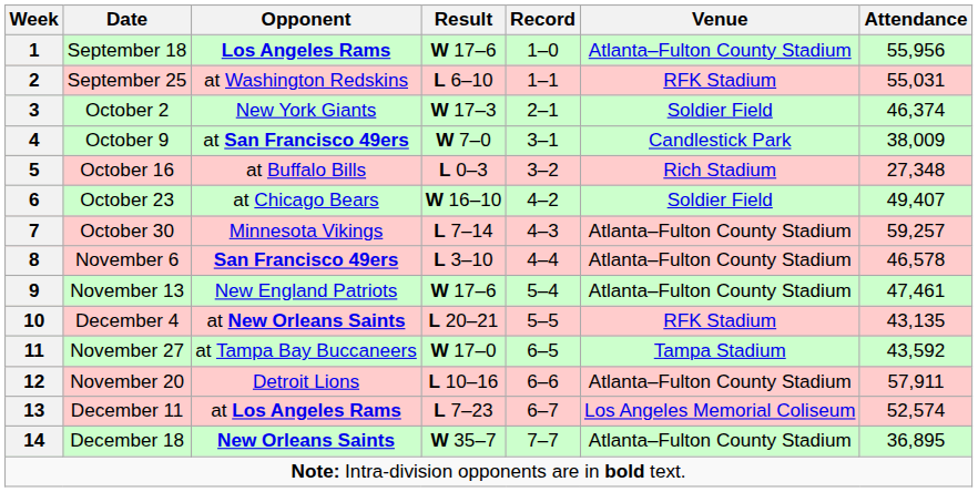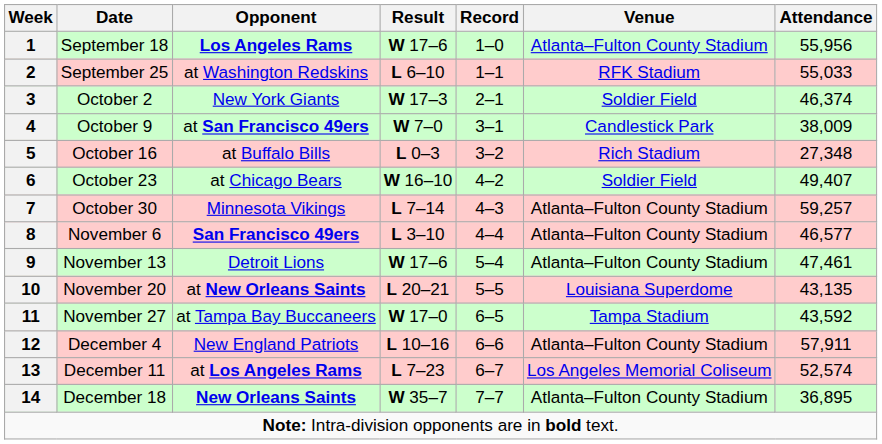 <table class="wikitable" style="text-align:center">
 <tr>
 <th>Week</th>
 <th>Date</th>
 <th>Opponent</th>
 <th>Result</th>
 <th>Record</th>
 <th>Venue</th>
 <th>Attendance</th>
 </tr>
 <tr style="background:#cfc">
 <th>1</th>
 <td>September 18</td>
 <td><strong><a href='#'>Los Angeles Rams</a></strong></td>
 <td><strong>W</strong> 17–6</td>
 <td>1–0</td>
 <td><a href='#'>Atlanta–Fulton County Stadium</a></td>
 <td>55,956</td>
 </tr>
 <tr style="background:#fcc">
 <th>2</th>
 <td>September 25</td>
 <td>at <a href='#'>Washington Redskins</a></td>
 <td><strong>L</strong> 6–10</td>
 <td>1–1</td>
 <td><a href='#'>RFK Stadium</a></td>
-<td>55,031</td>
+<td>55,033</td>
 </tr>
 <tr style="background:#cfc">
 <th>3</th>
 <td>October 2</td>
 <td><a href='#'>New York Giants</a></td>
 <td><strong>W</strong> 17–3</td>
 <td>2–1</td>
 <td><a href='#'>Soldier Field</a></td>
 <td>46,374</td>
 </tr>
 <tr style="background:#cfc">
 <th>4</th>
 <td>October 9</td>
 <td>at <strong><a href='#'>San Francisco 49ers</a></strong></td>
 <td><strong>W</strong> 7–0</td>
 <td>3–1</td>
 <td><a href='#'>Candlestick Park</a></td>
 <td>38,009</td>
 </tr>
 <tr style="background:#fcc">
 <th>5</th>
 <td>October 16</td>
 <td>at <a href='#'>Buffalo Bills</a></td>
 <td><strong>L</strong> 0–3</td>
 <td>3–2</td>
 <td><a href='#'>Rich Stadium</a></td>
 <td>27,348</td>
 </tr>
 <tr style="background:#cfc">
 <th>6</th>
 <td>October 23</td>
 <td>at <a href='#'>Chicago Bears</a></td>
 <td><strong>W</strong> 16–10</td>
 <td>4–2</td>
 <td><a href='#'>Soldier Field</a></td>
 <td>49,407</td>
 </tr>
 <tr style="background:#fcc">
 <th>7</th>
 <td>October 30</td>
 <td><a href='#'>Minnesota Vikings</a></td>
 <td><strong>L</strong> 7–14</td>
 <td>4–3</td>
 <td>Atlanta–Fulton County Stadium</td>
 <td>59,257</td>
 </tr>
 <tr style="background:#fcc">
 <th>8</th>
 <td>November 6</td>
 <td><strong><a href='#'>San Francisco 49ers</a></strong></td>
 <td><strong>L</strong> 3–10</td>
 <td>4–4</td>
 <td>Atlanta–Fulton County Stadium</td>
-<td>46,578</td>
+<td>46,577</td>
 </tr>
 <tr style="background:#cfc">
 <th>9</th>
 <td>November 13</td>
-<td><a href='#'>New England Patriots</a></td>
+<td><a href='#'>Detroit Lions</a></td>
 <td><strong>W</strong> 17–6</td>
 <td>5–4</td>
 <td>Atlanta–Fulton County Stadium</td>
 <td>47,461</td>
 </tr>
 <tr style="background:#fcc">
 <th>10</th>
-<td>December 4</td>
+<td>November 20</td>
 <td>at <strong><a href='#'>New Orleans Saints</a></strong></td>
 <td><strong>L</strong> 20–21</td>
 <td>5–5</td>
-<td><a href='#'>RFK Stadium</a></td>
+<td><a href='#'>Louisiana Superdome</a></td>
 <td>43,135</td>
 </tr>
 <tr style="background:#cfc">
 <th>11</th>
 <td>November 27</td>
 <td>at <a href='#'>Tampa Bay Buccaneers</a></td>
 <td><strong>W</strong> 17–0</td>
 <td>6–5</td>
 <td><a href='#'>Tampa Stadium</a></td>
 <td>43,592</td>
 </tr>
 <tr style="background:#fcc">
 <th>12</th>
-<td>November 20</td>
-<td><a href='#'>Detroit Lions</a></td>
+<td>December 4</td>
+<td><a href='#'>New England Patriots</a></td>
 <td><strong>L</strong> 10–16</td>
 <td>6–6</td>
 <td>Atlanta–Fulton County Stadium</td>
 <td>57,911</td>
 </tr>
 <tr style="background:#fcc">
 <th>13</th>
 <td>December 11</td>
 <td>at <strong><a href='#'>Los Angeles Rams</a></strong></td>
 <td><strong>L</strong> 7–23</td>
 <td>6–7</td>
 <td><a href='#'>Los Angeles Memorial Coliseum</a></td>
 <td>52,574</td>
 </tr>
 <tr style="background:#cfc">
 <th>14</th>
 <td>December 18</td>
 <td><strong><a href='#'>New Orleans Saints</a></strong></td>
 <td><strong>W</strong> 35–7</td>
 <td>7–7</td>
 <td>Atlanta–Fulton County Stadium</td>
 <td>36,895</td>
 </tr>
 <tr>
 <td colspan="7"><strong>Note:</strong> Intra-division opponents are in <strong>bold</strong> text.</td>
 </tr>
 </table>
